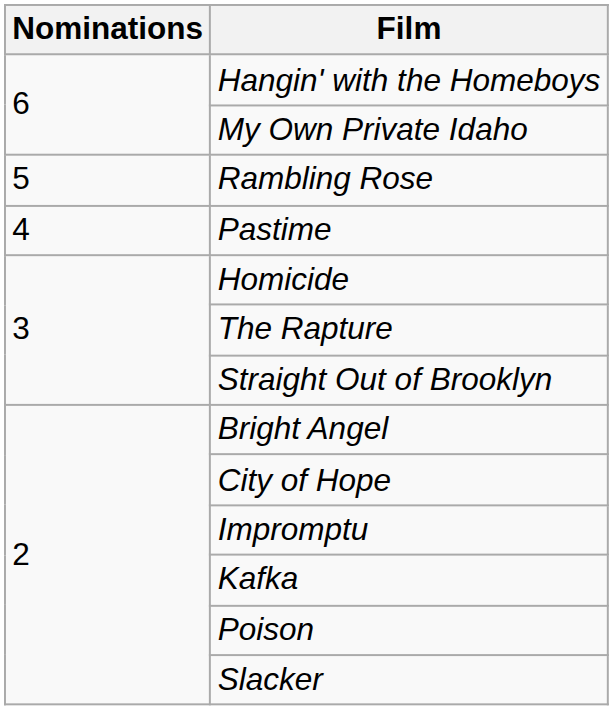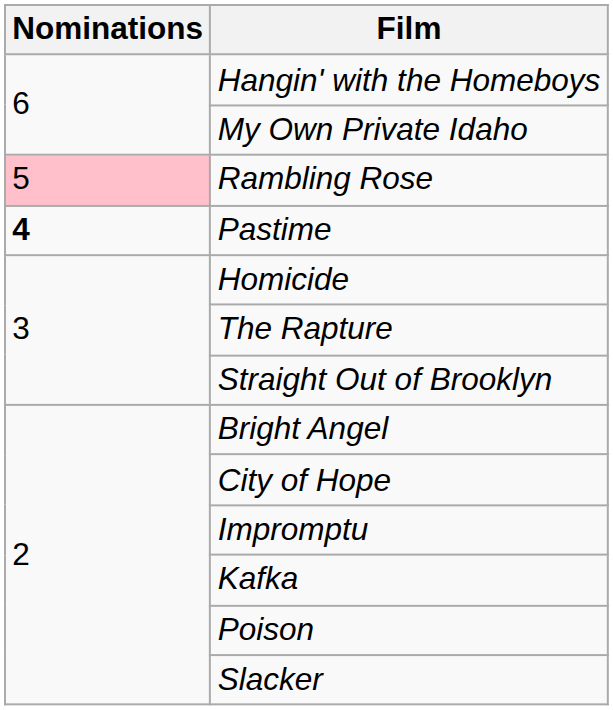 <table class="wikitable">
 <tr>
 <th>Nominations</th>
 <th>Film</th>
 </tr>
 <tr>
 <td rowspan="2">6</td>
 <td><em>Hangin' with the Homeboys</em></td>
 </tr>
 <tr>
 <td><em>My Own Private Idaho</em></td>
 </tr>
 <tr>
-<td>5</td>
+<td style="background: pink;">5</td>
 <td><em>Rambling Rose</em></td>
 </tr>
 <tr>
-<td>4</td>
+<td><strong>4</strong></td>
 <td><em>Pastime</em></td>
 </tr>
 <tr>
 <td rowspan="3">3</td>
 <td><em>Homicide</em></td>
 </tr>
 <tr>
 <td><em>The Rapture</em></td>
 </tr>
 <tr>
 <td><em>Straight Out of Brooklyn</em></td>
 </tr>
 <tr>
 <td rowspan="6">2</td>
 <td><em>Bright Angel</em></td>
 </tr>
 <tr>
 <td><em>City of Hope</em></td>
 </tr>
 <tr>
 <td><em>Impromptu</em></td>
 </tr>
 <tr>
 <td><em>Kafka</em></td>
 </tr>
 <tr>
 <td><em>Poison</em></td>
 </tr>
 <tr>
 <td><em>Slacker</em></td>
 </tr>
 </table>
